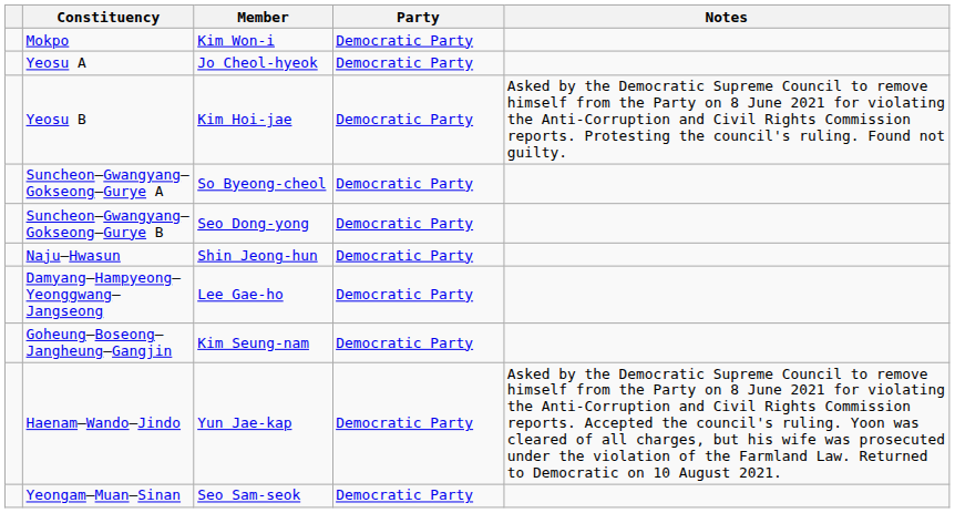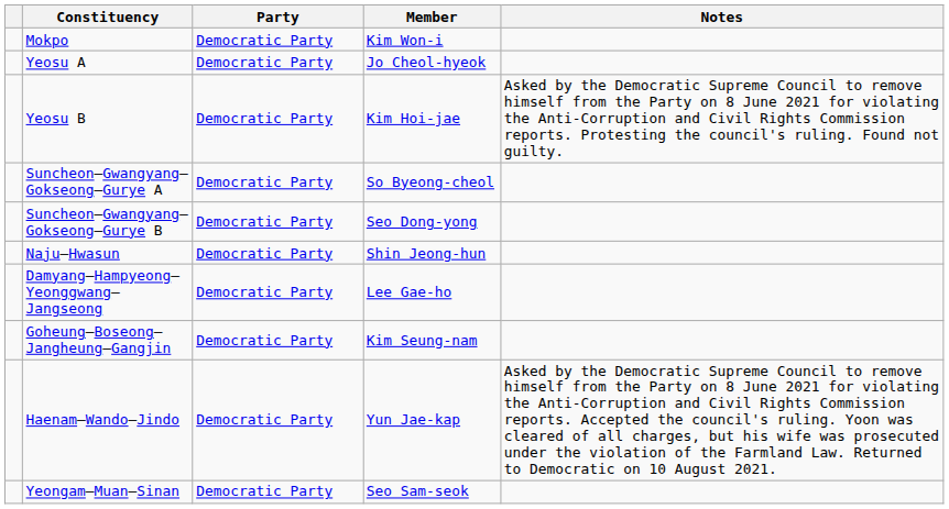 <table class="wikitable sortable">
 <tr>
 <th scope="col" style="width:10px;" class="unsortable"></th>
 <th scope="col" style="width:150px;">Constituency</th>
+<th scope="col" style="width:150px;">Party</th>
 <th scope="col" style="width:120px;">Member</th>
-<th scope="col" style="width:150px;">Party</th>
 <th scope="col" style="width:400px;" class="unsortable">Notes</th>
 </tr>
 <tr>
 <td scope="row" style="background-color:"></td>
 <td><a href='#'>Mokpo</a></td>
+<td><a href='#'>Democratic Party</a></td>
 <td><a href='#'>Kim Won-i</a></td>
-<td><a href='#'>Democratic Party</a></td>
 <td></td>
 </tr>
 <tr>
 <td scope="row" style="background-color:"></td>
 <td><a href='#'>Yeosu</a> A</td>
+<td><a href='#'>Democratic Party</a></td>
 <td><a href='#'>Jo Cheol-hyeok</a></td>
-<td><a href='#'>Democratic Party</a></td>
 <td></td>
 </tr>
 <tr>
 <td scope="row" style="background-color:"></td>
 <td><a href='#'>Yeosu</a> B</td>
+<td><a href='#'>Democratic Party</a></td>
 <td><a href='#'>Kim Hoi-jae</a></td>
-<td><a href='#'>Democratic Party</a></td>
 <td>Asked by the Democratic Supreme Council to remove himself from the Party on 8 June 2021 for violating the Anti-Corruption and Civil Rights Commission reports. Protesting the council's ruling. Found not guilty.</td>
 </tr>
 <tr>
 <td scope="row" style="background-color:"></td>
 <td><a href='#'>Suncheon</a>–<a href='#'>Gwangyang</a>–<a href='#'>Gokseong</a>–<a href='#'>Gurye</a> A</td>
+<td><a href='#'>Democratic Party</a></td>
 <td><a href='#'>So Byeong-cheol</a></td>
-<td><a href='#'>Democratic Party</a></td>
 <td></td>
 </tr>
 <tr>
 <td scope="row" style="background-color:"></td>
 <td><a href='#'>Suncheon</a>–<a href='#'>Gwangyang</a>–<a href='#'>Gokseong</a>–<a href='#'>Gurye</a> B</td>
+<td><a href='#'>Democratic Party</a></td>
 <td><a href='#'>Seo Dong-yong</a></td>
-<td><a href='#'>Democratic Party</a></td>
 <td></td>
 </tr>
 <tr>
 <td scope="row" style="background-color:"></td>
 <td><a href='#'>Naju</a>–<a href='#'>Hwasun</a></td>
+<td><a href='#'>Democratic Party</a></td>
 <td><a href='#'>Shin Jeong-hun</a></td>
-<td><a href='#'>Democratic Party</a></td>
 <td></td>
 </tr>
 <tr>
 <td scope="row" style="background-color:"></td>
 <td><a href='#'>Damyang</a>–<a href='#'>Hampyeong</a>–<a href='#'>Yeonggwang</a>–<a href='#'>Jangseong</a></td>
+<td><a href='#'>Democratic Party</a></td>
 <td><a href='#'>Lee Gae-ho</a></td>
-<td><a href='#'>Democratic Party</a></td>
 <td></td>
 </tr>
 <tr>
 <td scope="row" style="background-color:"></td>
 <td><a href='#'>Goheung</a>–<a href='#'>Boseong</a>–<a href='#'>Jangheung</a>–<a href='#'>Gangjin</a></td>
+<td><a href='#'>Democratic Party</a></td>
 <td><a href='#'>Kim Seung-nam</a></td>
-<td><a href='#'>Democratic Party</a></td>
 <td></td>
 </tr>
 <tr>
 <td scope="row" style="background-color:"></td>
 <td><a href='#'>Haenam</a>–<a href='#'>Wando</a>–<a href='#'>Jindo</a></td>
+<td><a href='#'>Democratic Party</a></td>
 <td><a href='#'>Yun Jae-kap</a></td>
-<td><a href='#'>Democratic Party</a></td>
 <td>Asked by the Democratic Supreme Council to remove himself from the Party on 8 June 2021 for violating the Anti-Corruption and Civil Rights Commission reports. Accepted the council's ruling. Yoon was cleared of all charges, but his wife was prosecuted under the violation of the Farmland Law. Returned to Democratic on 10 August 2021.</td>
 </tr>
 <tr>
 <td scope="row" style="background-color:"></td>
 <td><a href='#'>Yeongam</a>–<a href='#'>Muan</a>–<a href='#'>Sinan</a></td>
+<td><a href='#'>Democratic Party</a></td>
 <td><a href='#'>Seo Sam-seok</a></td>
-<td><a href='#'>Democratic Party</a></td>
 <td></td>
 </tr>
 </table>
